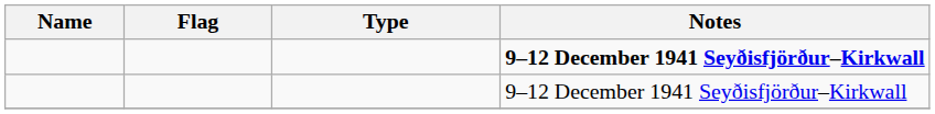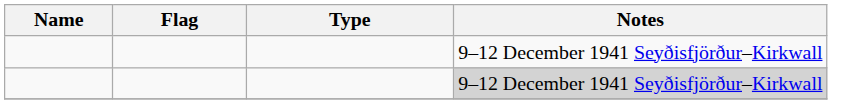 <table class="wikitable sortable">
 <tr>
 <th scope="col" width="80px">Name</th>
 <th scope="col" width="100px">Flag</th>
 <th scope="col" width="160px">Type</th>
 <th>Notes</th>
 </tr>
 <tr>
 <td></td>
 <td></td>
 <td></td>
-<td><strong>9–12 December 1941 <a href='#'>Seyðisfjörður</a>–<a href='#'>Kirkwall</a></strong></td>
+<td>9–12 December 1941 <a href='#'>Seyðisfjörður</a>–<a href='#'>Kirkwall</a></td>
 </tr>
 <tr>
 <td></td>
 <td></td>
 <td></td>
-<td>9–12 December 1941 <a href='#'>Seyðisfjörður</a>–<a href='#'>Kirkwall</a></td>
+<td style="background: lightgrey;">9–12 December 1941 <a href='#'>Seyðisfjörður</a>–<a href='#'>Kirkwall</a></td>
 </tr>
 <tr>
 </tr>
 </table>
